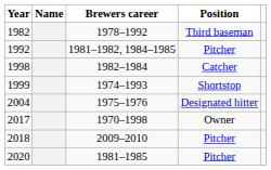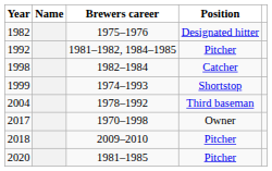 <table class="wikitable sortable plainrowheaders" style="text-align:center">
 <tr>
 <th scope="col" style="background-color:#ffffff; border-top:#">Year</th>
 <th scope="col" style="background-color:#ffffff; border-top:#">Name</th>
 <th scope="col" style="background-color:#ffffff; border-top:#">Brewers career</th>
 <th scope="col" style="background-color:#ffffff; border-top:#">Position</th>
 <th scope="col" class="unsortable" style="background-color:#ffffff; border-top:#"></th>
 </tr>
 <tr>
 <td>1982</td>
 <th scope="row" style="text-align:center"></th>
-<td>1978–1992</td>
-<td><a href='#'>Third baseman</a></td>
+<td>1975–1976</td>
+<td><a href='#'>Designated hitter</a></td>
 <td></td>
 </tr>
 <tr>
 <td>1992</td>
 <th scope="row" style="text-align:center"></th>
 <td>1981–1982, 1984–1985</td>
 <td><a href='#'>Pitcher</a></td>
 <td></td>
 </tr>
 <tr>
 <td>1998</td>
 <th scope="row" style="text-align:center"></th>
 <td>1982–1984</td>
 <td><a href='#'>Catcher</a></td>
 <td></td>
 </tr>
 <tr>
 <td>1999</td>
 <th scope="row" style="text-align:center"></th>
 <td>1974–1993</td>
 <td><a href='#'>Shortstop</a></td>
 <td></td>
 </tr>
 <tr>
 <td>2004</td>
 <th scope="row" style="text-align:center"></th>
-<td>1975–1976</td>
-<td><a href='#'>Designated hitter</a></td>
+<td>1978–1992</td>
+<td><a href='#'>Third baseman</a></td>
 <td></td>
 </tr>
 <tr>
 <td>2017</td>
 <th scope="row" style="text-align:center"></th>
 <td>1970–1998</td>
 <td>Owner</td>
 <td></td>
 </tr>
 <tr>
 <td>2018</td>
 <th scope="row" style="text-align:center"></th>
 <td>2009–2010</td>
 <td><a href='#'>Pitcher</a></td>
 <td></td>
 </tr>
 <tr>
 <td>2020</td>
 <th scope="row" style="text-align:center"></th>
 <td>1981–1985</td>
 <td><a href='#'>Pitcher</a></td>
 <td></td>
 </tr>
 </table>
